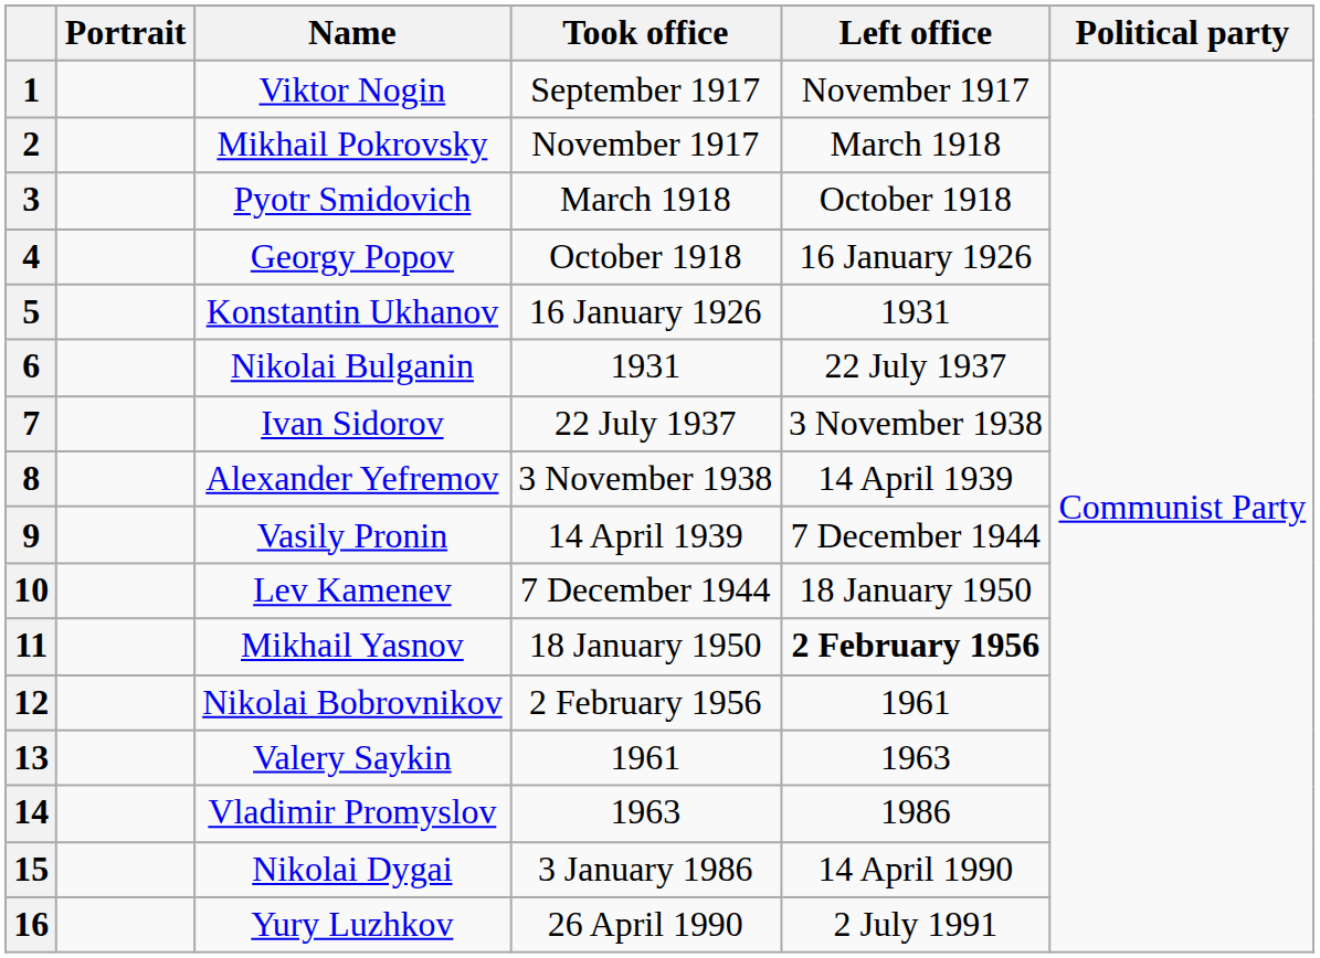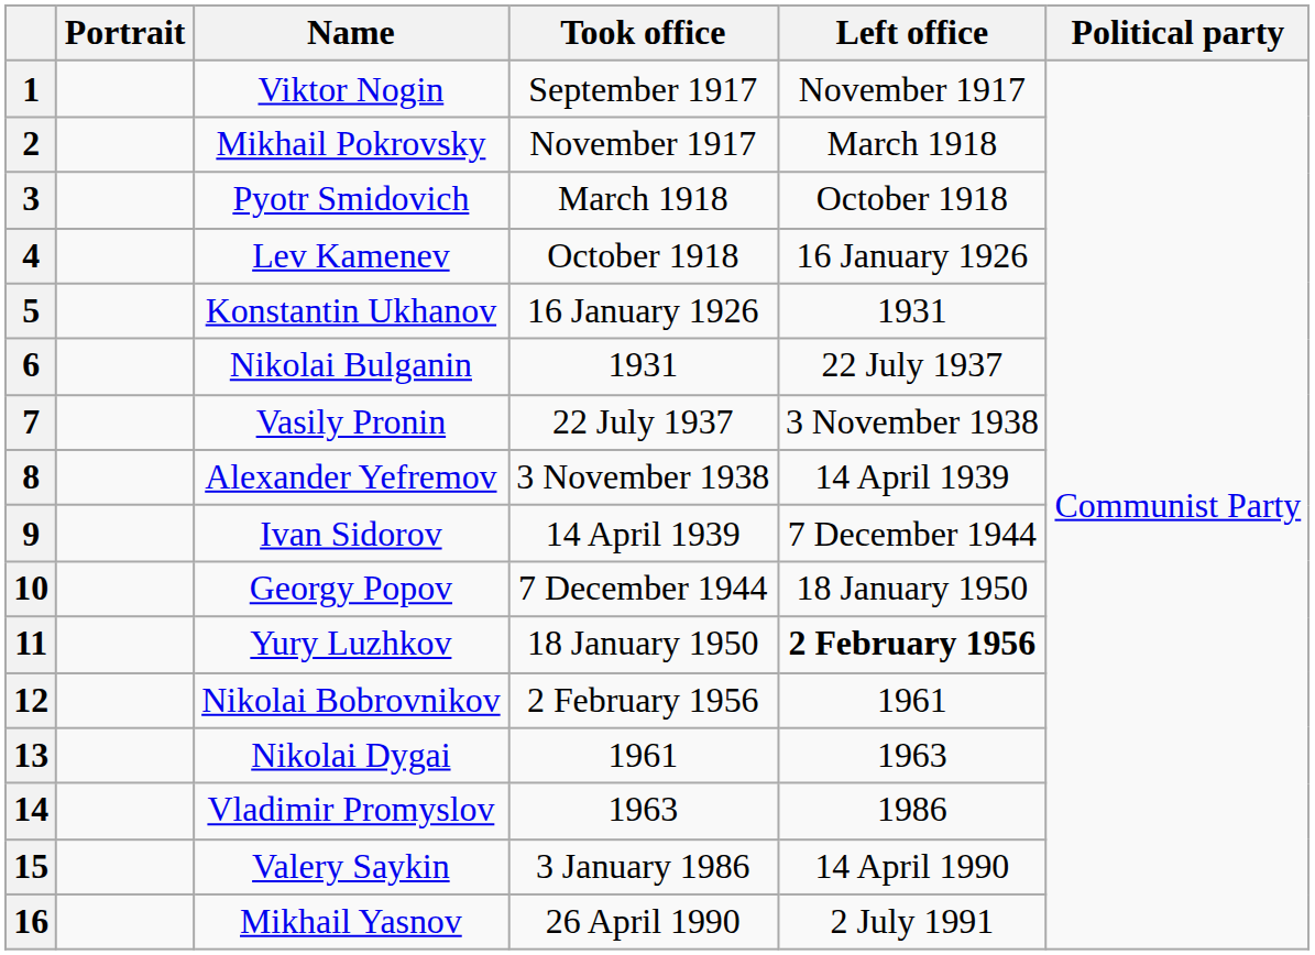 <table class="wikitable" style="text-align:center">
 <tr>
 <th></th>
 <th>Portrait</th>
 <th>Name</th>
 <th>Took office</th>
 <th>Left office</th>
 <th>Political party</th>
 </tr>
 <tr>
 <th style="background:">1</th>
 <td></td>
 <td><a href='#'>Viktor Nogin</a></td>
 <td>September 1917</td>
 <td>November 1917</td>
 <td rowspan="16"><a href='#'>Communist Party</a></td>
 </tr>
 <tr>
 <th style="background:">2</th>
 <td></td>
 <td><a href='#'>Mikhail Pokrovsky</a></td>
 <td>November 1917</td>
 <td>March 1918</td>
 </tr>
 <tr>
 <th style="background:">3</th>
 <td></td>
 <td><a href='#'>Pyotr Smidovich</a></td>
 <td>March 1918</td>
 <td>October 1918</td>
 </tr>
 <tr>
 <th style="background:">4</th>
 <td></td>
-<td><a href='#'>Georgy Popov</a></td>
+<td><a href='#'>Lev Kamenev</a></td>
 <td>October 1918</td>
 <td>16 January 1926</td>
 </tr>
 <tr>
 <th style="background:">5</th>
 <td></td>
 <td><a href='#'>Konstantin Ukhanov</a></td>
 <td>16 January 1926</td>
 <td>1931</td>
 </tr>
 <tr>
 <th style="background:">6</th>
 <td></td>
 <td><a href='#'>Nikolai Bulganin</a></td>
 <td>1931</td>
 <td>22 July 1937</td>
 </tr>
 <tr>
 <th style="background:">7</th>
 <td></td>
-<td><a href='#'>Ivan Sidorov</a></td>
+<td><a href='#'>Vasily Pronin</a></td>
 <td>22 July 1937</td>
 <td>3 November 1938</td>
 </tr>
 <tr>
 <th style="background:">8</th>
 <td></td>
 <td><a href='#'>Alexander Yefremov</a></td>
 <td>3 November 1938</td>
 <td>14 April 1939</td>
 </tr>
 <tr>
 <th style="background:">9</th>
 <td></td>
-<td><a href='#'>Vasily Pronin</a></td>
+<td><a href='#'>Ivan Sidorov</a></td>
 <td>14 April 1939</td>
 <td>7 December 1944</td>
 </tr>
 <tr>
 <th style="background:">10</th>
 <td></td>
-<td><a href='#'>Lev Kamenev</a></td>
+<td><a href='#'>Georgy Popov</a></td>
 <td>7 December 1944</td>
 <td>18 January 1950</td>
 </tr>
 <tr>
 <th style="background:">11</th>
 <td></td>
-<td><a href='#'>Mikhail Yasnov</a></td>
+<td><a href='#'>Yury Luzhkov</a></td>
 <td>18 January 1950</td>
 <td><strong>2 February 1956</strong></td>
 </tr>
 <tr>
 <th style="background:">12</th>
 <td></td>
 <td><a href='#'>Nikolai Bobrovnikov</a></td>
 <td>2 February 1956</td>
 <td>1961</td>
 </tr>
 <tr>
 <th style="background:">13</th>
 <td></td>
-<td><a href='#'>Valery Saykin</a></td>
+<td><a href='#'>Nikolai Dygai</a></td>
 <td>1961</td>
 <td>1963</td>
 </tr>
 <tr>
 <th style="background:">14</th>
 <td></td>
 <td><a href='#'>Vladimir Promyslov</a></td>
 <td>1963</td>
 <td>1986</td>
 </tr>
 <tr>
 <th style="background:">15</th>
 <td></td>
-<td><a href='#'>Nikolai Dygai</a></td>
+<td><a href='#'>Valery Saykin</a></td>
 <td>3 January 1986</td>
 <td>14 April 1990</td>
 </tr>
 <tr>
 <th style="background:">16</th>
 <td></td>
-<td><a href='#'>Yury Luzhkov</a></td>
+<td><a href='#'>Mikhail Yasnov</a></td>
 <td>26 April 1990</td>
 <td>2 July 1991</td>
 </tr>
 </table>
